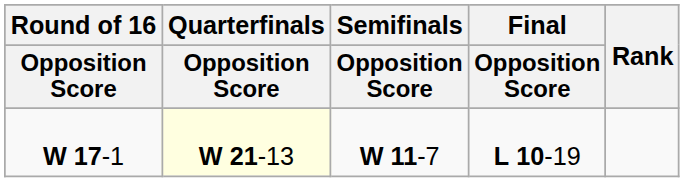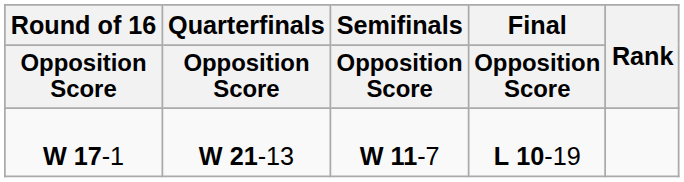 <table class=wikitable style="font-size:90%">
 <tr>
 <th>Round of 16</th>
 <th>Quarterfinals</th>
 <th>Semifinals</th>
 <th>Final</th>
 <th rowspan=2>Rank</th>
 </tr>
 <tr style="font-size:95%">
 <th>Opposition<br>Score</th>
 <th>Opposition<br>Score</th>
 <th>Opposition<br>Score</th>
 <th>Opposition<br>Score</th>
 </tr>
 <tr align=center>
 <td><br><strong>W</strong>  <strong>17</strong>-1</td>
-<td style="background: lightyellow;"><br><strong>W</strong>  <strong>21</strong>-13</td>
+<td><br><strong>W</strong>  <strong>21</strong>-13</td>
 <td><br><strong>W</strong>  <strong>11</strong>-7</td>
 <td><br><strong>L</strong>  <strong>10</strong>-19</td>
 <td></td>
 </tr>
 </table>
